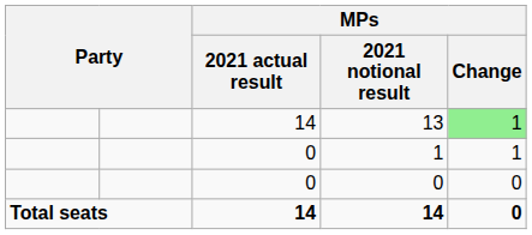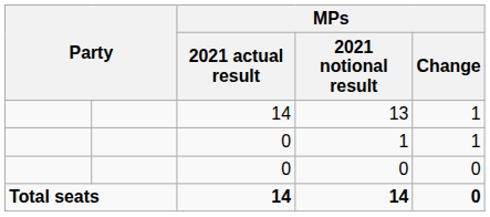 <table class="wikitable" style="text-align:right;">
 <tr>
 <th colspan="2" rowspan="2" class=unsortable style="text-align: center; vertical-align: middle; width: 150px;">Party</th>
 <th colspan="3" style="vertical-align: top;">MPs</th>
 </tr>
 <tr>
 <th data-sort-type=number style="width: 100px;">2021 actual result</th>
 <th data-sort-type=number style="width: 100px;">2021 notional result</th>
 <th data-sort-type=number style="width: 50px;">Change</th>
 </tr>
 <tr>
 <td style="background:"></td>
 <td style="text-align:left"></td>
 <td>14</td>
 <td>13</td>
-<td style="background: lightgreen;"> 1</td>
+<td> 1</td>
 </tr>
 <tr>
 <td style="background:"></td>
 <td style="text-align:left"></td>
 <td>0</td>
 <td>1</td>
 <td> 1</td>
 </tr>
 <tr>
 <td style="background:"></td>
 <td style="text-align:left"></td>
 <td>0</td>
 <td>0</td>
 <td> 0</td>
 </tr>
 <tr>
 <td style="text-align: left;" colspan="2"><strong>Total seats</strong></td>
 <td><strong>14</strong></td>
 <td><strong>14</strong></td>
 <td><strong>0</strong> </td>
 </tr>
 </table>
